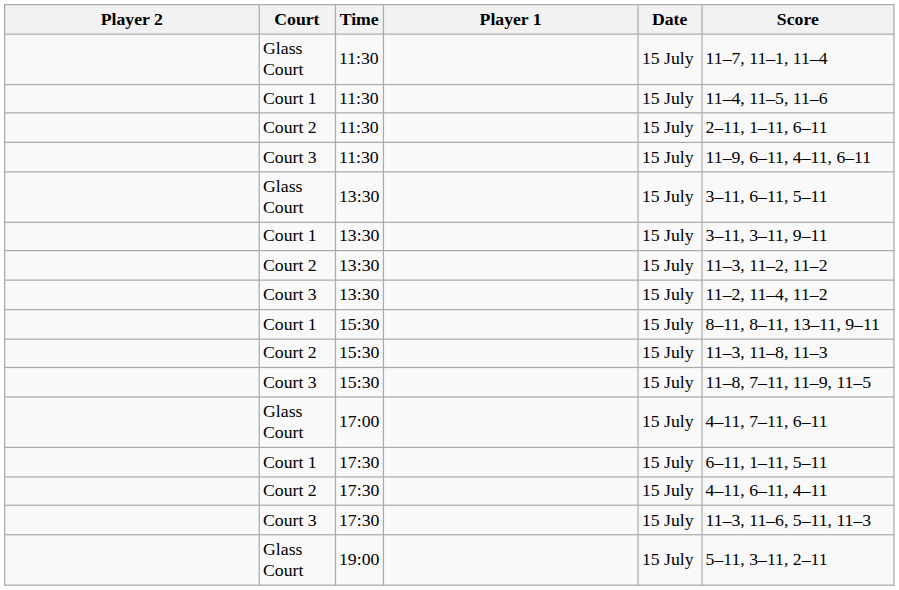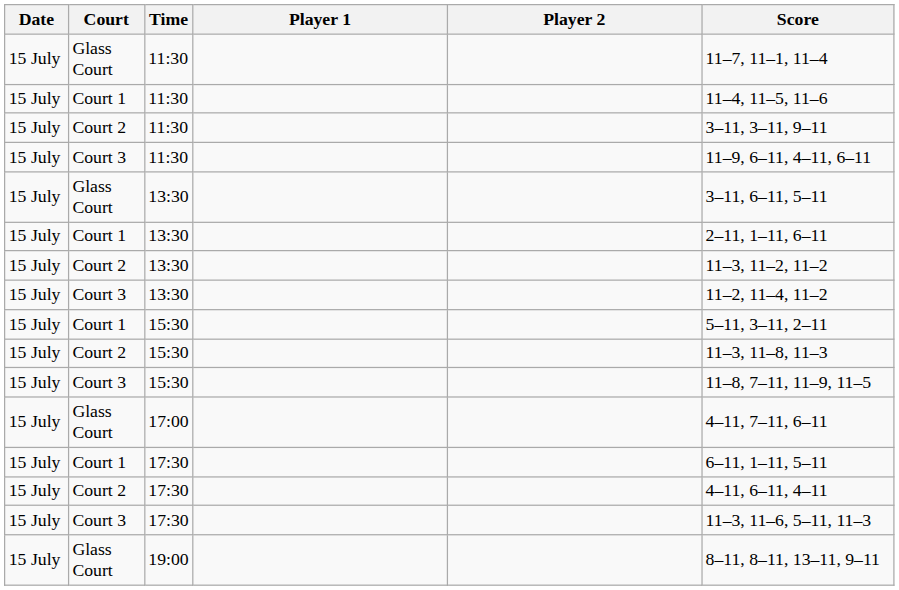 <table class="sortable wikitable" style="font-size:90%">
 <tr>
-<th width="200">Player 2</th>
+<th width="45" class="unsortable">Date</th>
 <th width="55">Court</th>
 <th width="30">Time</th>
 <th width="200">Player 1</th>
-<th width="45" class="unsortable">Date</th>
+<th width="200">Player 2</th>
 <th width="150" class="unsortable">Score</th>
 </tr>
 <tr>
-<td></td>
+<td>15 July</td>
 <td>Glass Court</td>
 <td>11:30</td>
 <td><strong></strong></td>
-<td>15 July</td>
+<td></td>
 <td>11–7, 11–1, 11–4</td>
 </tr>
 <tr>
-<td></td>
+<td>15 July</td>
 <td>Court 1</td>
 <td>11:30</td>
 <td><strong></strong></td>
-<td>15 July</td>
+<td></td>
 <td>11–4, 11–5, 11–6</td>
 </tr>
 <tr>
-<td><strong></strong></td>
+<td>15 July</td>
 <td>Court 2</td>
 <td>11:30</td>
 <td></td>
+<td><strong></strong></td>
+<td>3–11, 3–11, 9–11</td>
+</tr>
+<tr>
 <td>15 July</td>
+<td>Court 3</td>
+<td>11:30</td>
+<td></td>
+<td><strong></strong></td>
+<td>11–9, 6–11, 4–11, 6–11</td>
+</tr>
+<tr>
+<td>15 July</td>
+<td>Glass Court</td>
+<td>13:30</td>
+<td></td>
+<td><strong></strong></td>
+<td>3–11, 6–11, 5–11</td>
+</tr>
+<tr>
+<td>15 July</td>
+<td>Court 1</td>
+<td>13:30</td>
+<td></td>
+<td><strong></strong></td>
 <td>2–11, 1–11, 6–11</td>
 </tr>
 <tr>
-<td><strong></strong></td>
-<td>Court 3</td>
-<td>11:30</td>
-<td></td>
 <td>15 July</td>
-<td>11–9, 6–11, 4–11, 6–11</td>
-</tr>
-<tr>
-<td><strong></strong></td>
-<td>Glass Court</td>
-<td>13:30</td>
-<td></td>
-<td>15 July</td>
-<td>3–11, 6–11, 5–11</td>
-</tr>
-<tr>
-<td><strong></strong></td>
-<td>Court 1</td>
-<td>13:30</td>
-<td></td>
-<td>15 July</td>
-<td>3–11, 3–11, 9–11</td>
-</tr>
-<tr>
-<td></td>
 <td>Court 2</td>
 <td>13:30</td>
 <td><strong></strong></td>
-<td>15 July</td>
+<td></td>
 <td>11–3, 11–2, 11–2</td>
 </tr>
 <tr>
-<td></td>
+<td>15 July</td>
 <td>Court 3</td>
 <td>13:30</td>
 <td><strong></strong></td>
-<td>15 July</td>
+<td></td>
 <td>11–2, 11–4, 11–2</td>
 </tr>
 <tr>
-<td><strong></strong></td>
+<td>15 July</td>
 <td>Court 1</td>
 <td>15:30</td>
 <td></td>
-<td>15 July</td>
-<td>8–11, 8–11, 13–11, 9–11</td>
+<td><strong></strong></td>
+<td>5–11, 3–11, 2–11</td>
 </tr>
 <tr>
-<td></td>
+<td>15 July</td>
 <td>Court 2</td>
 <td>15:30</td>
 <td><strong></strong></td>
-<td>15 July</td>
+<td></td>
 <td>11–3, 11–8, 11–3</td>
 </tr>
 <tr>
-<td></td>
+<td>15 July</td>
 <td>Court 3</td>
 <td>15:30</td>
 <td><strong></strong></td>
-<td>15 July</td>
+<td></td>
 <td>11–8, 7–11, 11–9, 11–5</td>
 </tr>
 <tr>
-<td><strong></strong></td>
+<td>15 July</td>
 <td>Glass Court</td>
 <td>17:00</td>
 <td></td>
-<td>15 July</td>
+<td><strong></strong></td>
 <td>4–11, 7–11, 6–11</td>
 </tr>
 <tr>
-<td><strong></strong></td>
+<td>15 July</td>
 <td>Court 1</td>
 <td>17:30</td>
 <td></td>
-<td>15 July</td>
+<td><strong></strong></td>
 <td>6–11, 1–11, 5–11</td>
 </tr>
 <tr>
-<td><strong></strong></td>
+<td>15 July</td>
 <td>Court 2</td>
 <td>17:30</td>
 <td></td>
-<td>15 July</td>
+<td><strong></strong></td>
 <td>4–11, 6–11, 4–11</td>
 </tr>
 <tr>
-<td></td>
+<td>15 July</td>
 <td>Court 3</td>
 <td>17:30</td>
 <td><strong></strong></td>
-<td>15 July</td>
+<td></td>
 <td>11–3, 11–6, 5–11, 11–3</td>
 </tr>
 <tr>
-<td><strong></strong></td>
+<td>15 July</td>
 <td>Glass Court</td>
 <td>19:00</td>
 <td></td>
-<td>15 July</td>
-<td>5–11, 3–11, 2–11</td>
+<td><strong></strong></td>
+<td>8–11, 8–11, 13–11, 9–11</td>
 </tr>
 </table>
